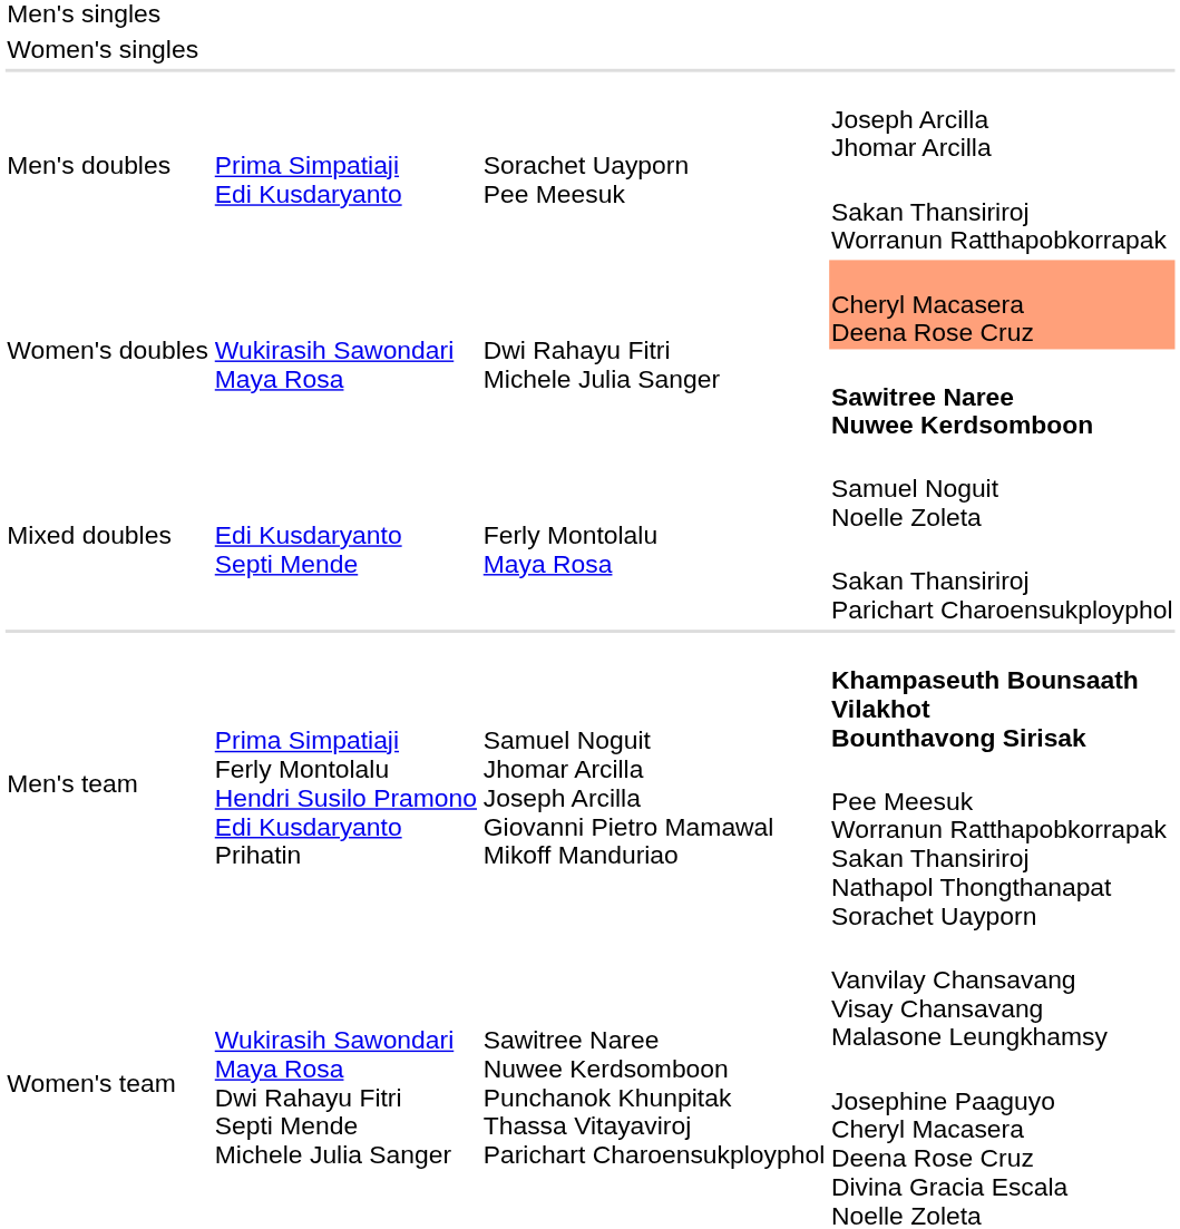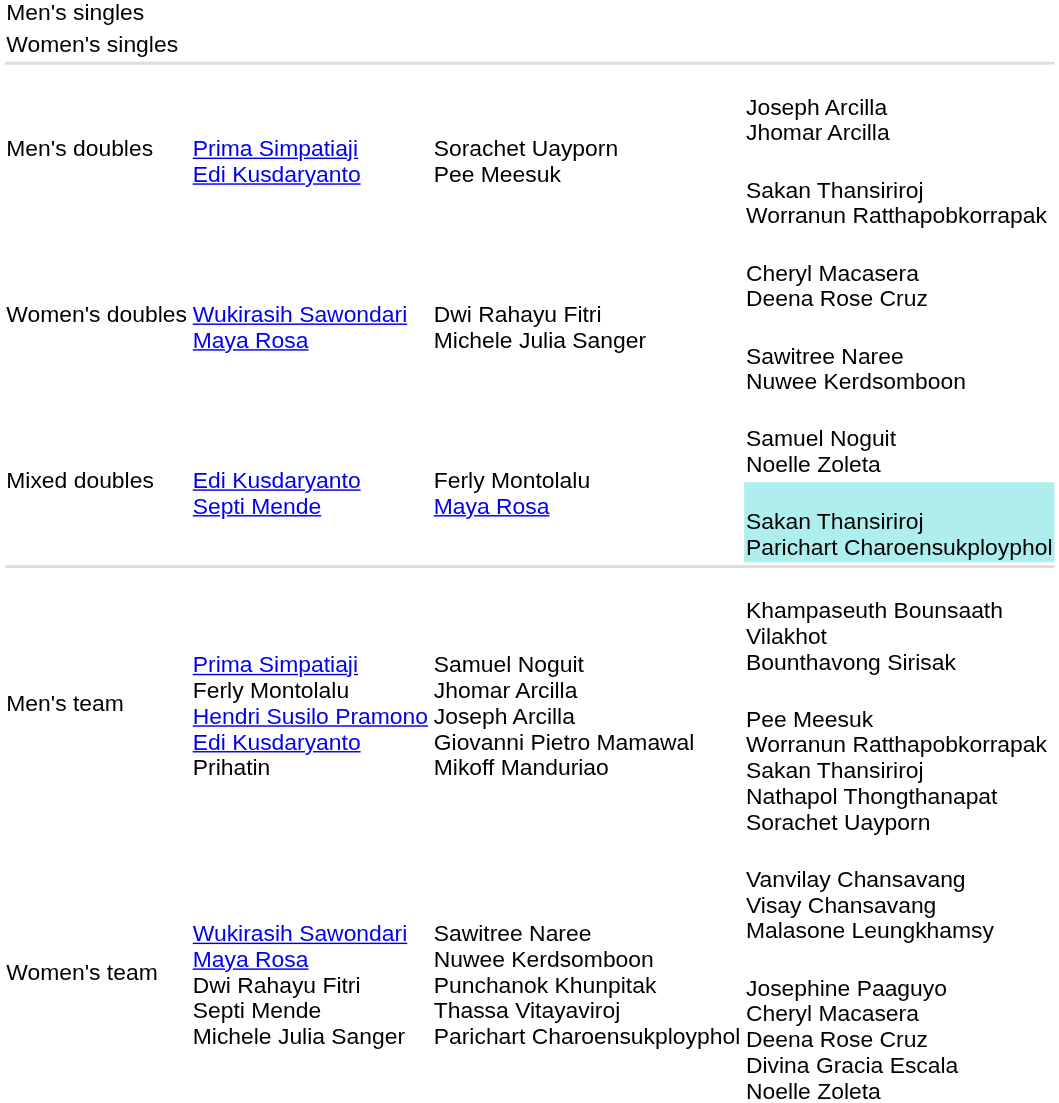 <table>
 <tr>
 <td rowspan=2>Men's singles</td>
 <td rowspan=2></td>
 <td rowspan=2></td>
 <td></td>
 </tr>
 <tr>
 <td></td>
 </tr>
 <tr>
 <td rowspan=2>Women's singles</td>
 <td rowspan=2></td>
 <td rowspan=2></td>
 <td></td>
 </tr>
 <tr>
 <td></td>
 </tr>
 <tr bgcolor=#DDDDDD>
 <td colspan=4></td>
 </tr>
 <tr>
 <td rowspan=2>Men's doubles</td>
 <td rowspan=2><br><a href='#'>Prima Simpatiaji</a><br><a href='#'>Edi Kusdaryanto</a></td>
 <td rowspan=2><br>Sorachet Uayporn<br>Pee Meesuk</td>
 <td><br>Joseph Arcilla<br>Jhomar Arcilla</td>
 </tr>
 <tr>
 <td><br>Sakan Thansiriroj<br>Worranun Ratthapobkorrapak</td>
 </tr>
 <tr>
 <td rowspan=2>Women's doubles</td>
 <td rowspan=2><br><a href='#'>Wukirasih Sawondari</a><br><a href='#'>Maya Rosa</a></td>
 <td rowspan=2><br>Dwi Rahayu Fitri<br>Michele Julia Sanger</td>
-<td style="background: lightsalmon;"><br>Cheryl Macasera<br>Deena Rose Cruz</td>
+<td><br>Cheryl Macasera<br>Deena Rose Cruz</td>
 </tr>
 <tr>
-<td><strong><br>Sawitree Naree<br>Nuwee Kerdsomboon</strong></td>
+<td><br>Sawitree Naree<br>Nuwee Kerdsomboon</td>
 </tr>
 <tr>
 <td rowspan=2>Mixed doubles</td>
 <td rowspan=2><br><a href='#'>Edi Kusdaryanto</a><br><a href='#'>Septi Mende</a></td>
 <td rowspan=2><br>Ferly Montolalu<br><a href='#'>Maya Rosa</a></td>
 <td><br>Samuel Noguit<br>Noelle Zoleta</td>
 </tr>
 <tr>
-<td nowrap=true><br>Sakan Thansiriroj<br>Parichart Charoensukployphol</td>
+<td nowrap=true style="background: paleturquoise;"><br>Sakan Thansiriroj<br>Parichart Charoensukployphol</td>
 </tr>
 <tr bgcolor=#DDDDDD>
 <td colspan=4></td>
 </tr>
 <tr>
 <td rowspan=2>Men's team</td>
 <td rowspan=2 nowrap=true><br><a href='#'>Prima Simpatiaji</a><br>Ferly Montolalu<br><a href='#'>Hendri Susilo Pramono</a><br><a href='#'>Edi Kusdaryanto</a><br>Prihatin</td>
 <td rowspan=2><br>Samuel Noguit<br>Jhomar Arcilla<br>Joseph Arcilla<br>Giovanni Pietro Mamawal<br>Mikoff Manduriao</td>
-<td><strong><br>Khampaseuth Bounsaath<br>Vilakhot<br>Bounthavong Sirisak</strong></td>
+<td><br>Khampaseuth Bounsaath<br>Vilakhot<br>Bounthavong Sirisak</td>
 </tr>
 <tr>
 <td><br>Pee Meesuk<br>Worranun Ratthapobkorrapak<br>Sakan Thansiriroj<br>Nathapol Thongthanapat<br>Sorachet Uayporn</td>
 </tr>
 <tr>
 <td rowspan=2>Women's team</td>
 <td rowspan=2><br><a href='#'>Wukirasih Sawondari</a><br><a href='#'>Maya Rosa</a><br>Dwi Rahayu Fitri<br>Septi Mende<br>Michele Julia Sanger</td>
 <td rowspan=2 nowrap=true><br>Sawitree Naree<br>Nuwee Kerdsomboon<br>Punchanok Khunpitak<br>Thassa Vitayaviroj<br>Parichart Charoensukployphol</td>
 <td><br>Vanvilay Chansavang<br>Visay Chansavang<br>Malasone Leungkhamsy</td>
 </tr>
 <tr>
 <td><br>Josephine Paaguyo<br>Cheryl Macasera<br>Deena Rose Cruz<br>Divina Gracia Escala<br>Noelle Zoleta</td>
 </tr>
 </table>
